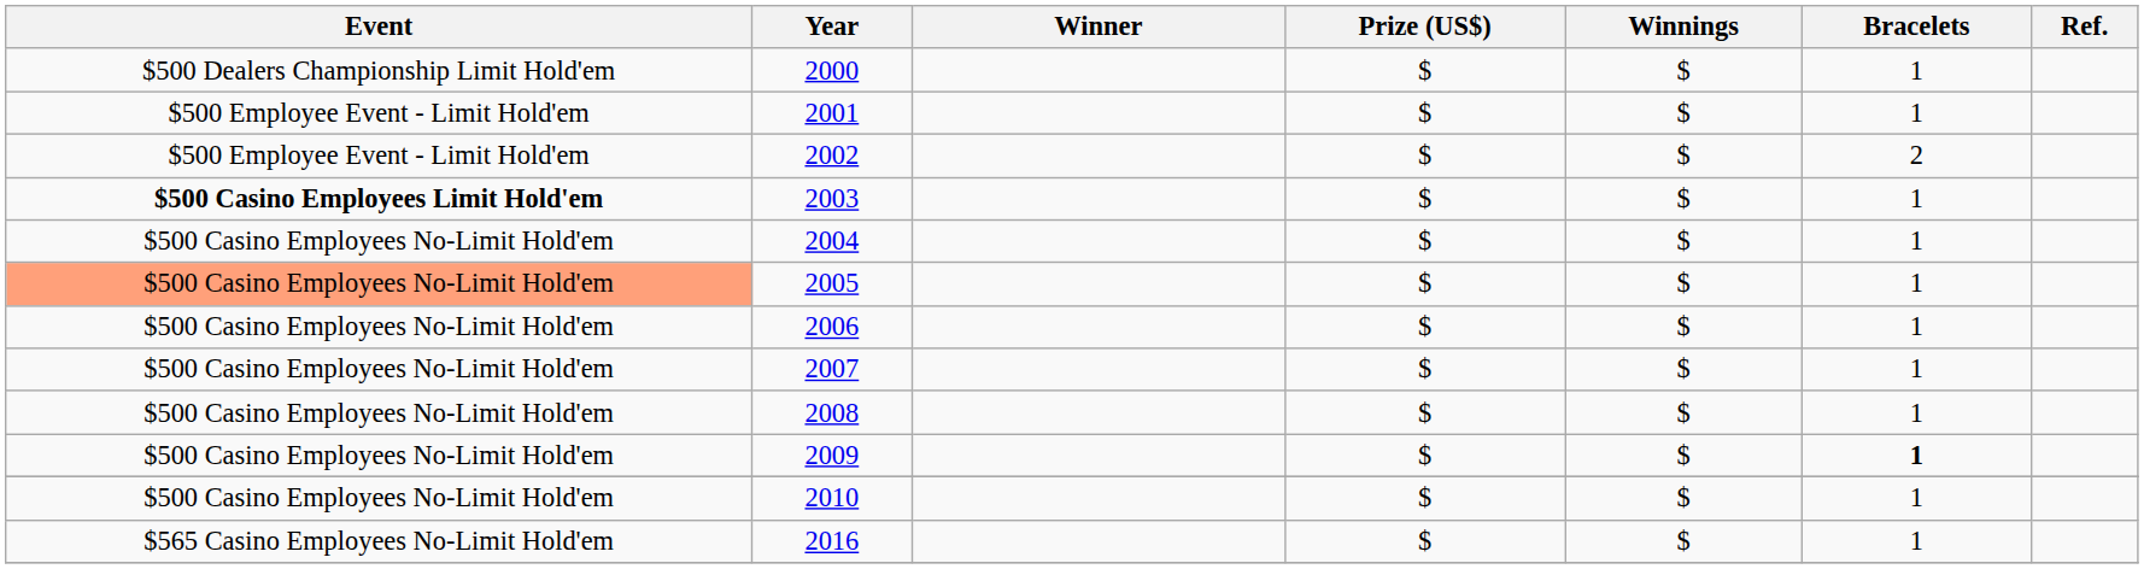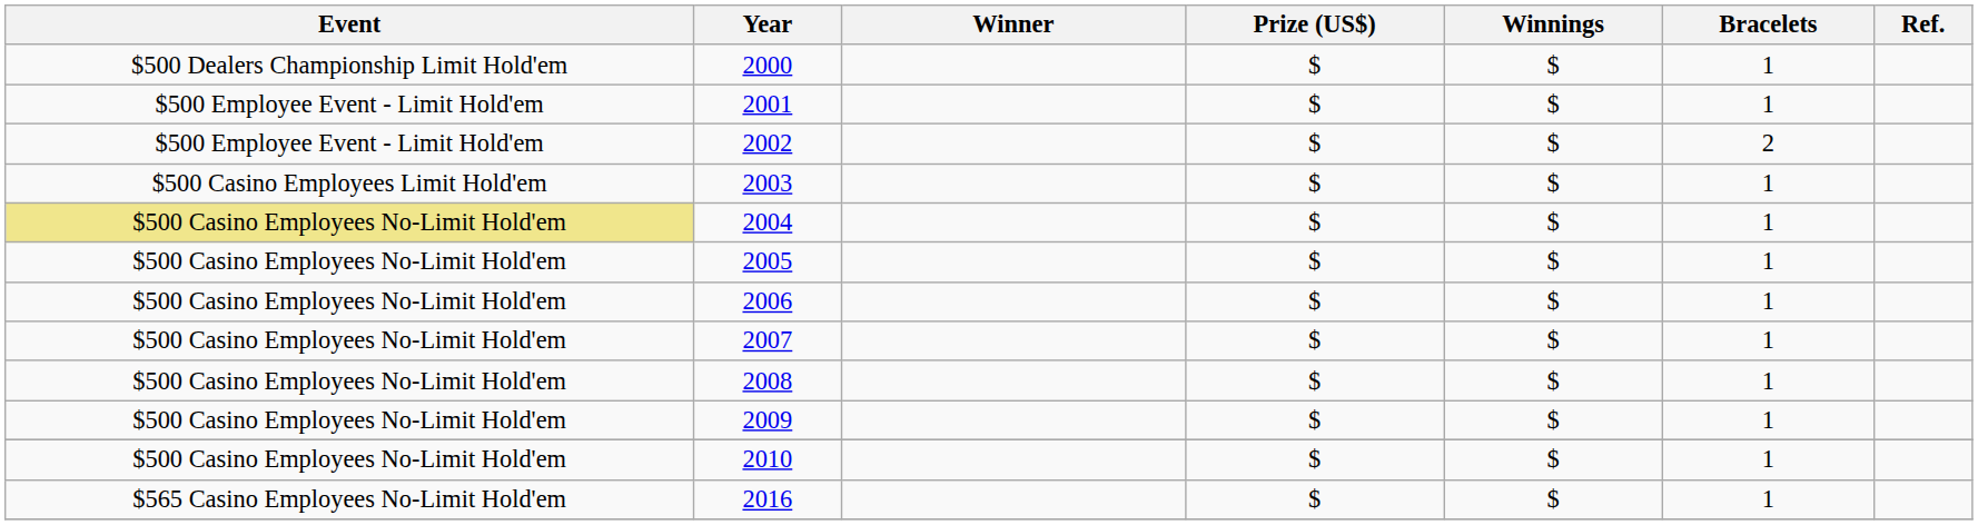 <table class="wikitable sortable" style="text-align:center; width:100%;">
 <tr>
 <th bgcolor="#FFEBAD" class="unsortable" width=35%>Event</th>
 <th bgcolor="#FFEBAD" width=7.5%>Year</th>
 <th bgcolor="#FFEBAD" width=17.5%>Winner</th>
 <th bgcolor="#FFEBAD">Prize (US$)</th>
 <th bgcolor="#FFEBAD">Winnings</th>
 <th bgcolor="#FFEBAD">Bracelets</th>
 <th bgcolor="#FFEBAD" class="unsortable" width=5%>Ref.</th>
 </tr>
 <tr>
 <td>$500 Dealers Championship Limit Hold'em</td>
 <td><a href='#'>2000</a></td>
 <td></td>
 <td>$</td>
 <td>$</td>
 <td>1</td>
 <td></td>
 </tr>
 <tr>
 <td>$500 Employee Event - Limit Hold'em</td>
 <td><a href='#'>2001</a></td>
 <td></td>
 <td>$</td>
 <td>$</td>
 <td>1</td>
 <td></td>
 </tr>
 <tr>
 <td>$500 Employee Event - Limit Hold'em</td>
 <td><a href='#'>2002</a></td>
 <td></td>
 <td>$</td>
 <td>$</td>
 <td>2</td>
 <td></td>
 </tr>
 <tr>
-<td><strong>$500 Casino Employees Limit Hold'em</strong></td>
+<td>$500 Casino Employees Limit Hold'em</td>
 <td><a href='#'>2003</a></td>
 <td></td>
 <td>$</td>
 <td>$</td>
 <td>1</td>
 <td></td>
 </tr>
 <tr>
-<td>$500 Casino Employees No-Limit Hold'em</td>
+<td style="background: khaki;">$500 Casino Employees No-Limit Hold'em</td>
 <td><a href='#'>2004</a></td>
 <td></td>
 <td>$</td>
 <td>$</td>
 <td>1</td>
 <td></td>
 </tr>
 <tr>
-<td style="background: lightsalmon;">$500 Casino Employees No-Limit Hold'em</td>
+<td>$500 Casino Employees No-Limit Hold'em</td>
 <td><a href='#'>2005</a></td>
 <td></td>
 <td>$</td>
 <td>$</td>
 <td>1</td>
 <td></td>
 </tr>
 <tr>
 <td>$500 Casino Employees No-Limit Hold'em</td>
 <td><a href='#'>2006</a></td>
 <td></td>
 <td>$</td>
 <td>$</td>
 <td>1</td>
 <td></td>
 </tr>
 <tr>
 <td>$500 Casino Employees No-Limit Hold'em</td>
 <td><a href='#'>2007</a></td>
 <td></td>
 <td>$</td>
 <td>$</td>
 <td>1</td>
 <td></td>
 </tr>
 <tr>
 <td>$500 Casino Employees No-Limit Hold'em</td>
 <td><a href='#'>2008</a></td>
 <td></td>
 <td>$</td>
 <td>$</td>
 <td>1</td>
 <td></td>
 </tr>
 <tr>
 <td>$500 Casino Employees No-Limit Hold'em</td>
 <td><a href='#'>2009</a></td>
 <td></td>
 <td>$</td>
 <td>$</td>
-<td><strong>1</strong></td>
+<td>1</td>
 <td></td>
 </tr>
 <tr>
 </tr>
 <tr>
 <td>$500 Casino Employees No-Limit Hold'em</td>
 <td><a href='#'>2010</a></td>
 <td></td>
 <td>$</td>
 <td>$</td>
 <td>1</td>
 <td></td>
 </tr>
 <tr>
 <td>$565 Casino Employees No-Limit Hold'em</td>
 <td><a href='#'>2016</a></td>
 <td></td>
 <td>$</td>
 <td>$</td>
 <td>1</td>
 <td></td>
 </tr>
 <tr>
 </tr>
 </table>
